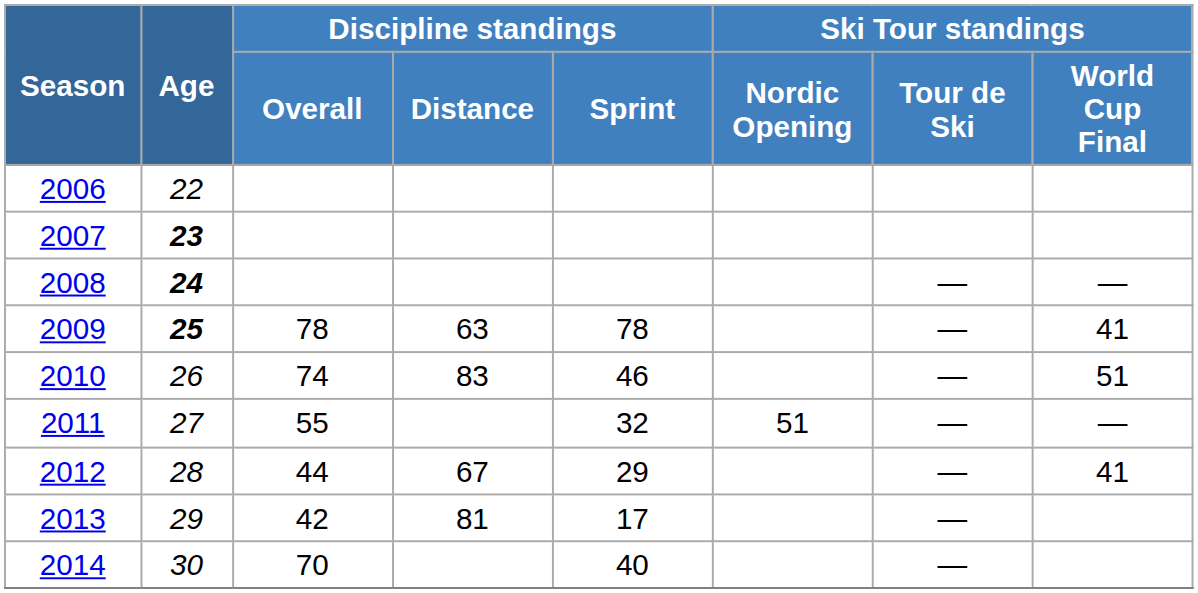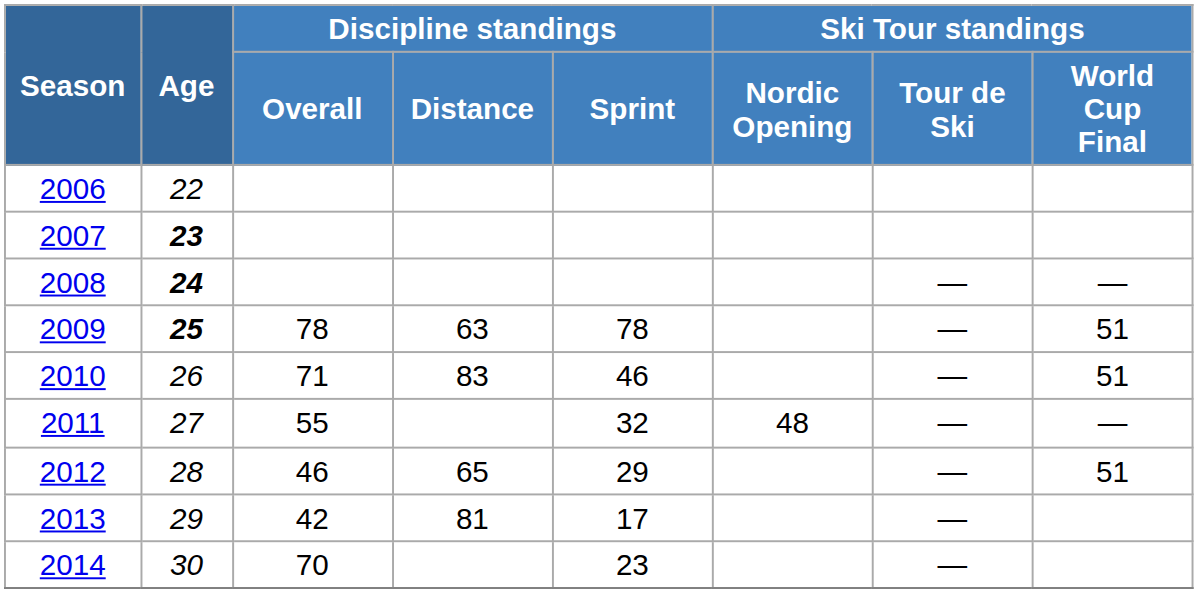 <table class="wikitable" style="font-size:95%; text-align:center; border:grey solid 1px; border-collapse:collapse; background:#ffffff;">
 <tr>
 <th style="background-color:#369; color:white; width:60px;" rowspan="2"> Season </th>
 <th style="background-color:#369; color:white; width:40px;" rowspan="2"> Age </th>
 <th style="background-color:#4180be; color:white;" colspan="3">Discipline standings</th>
 <th style="background-color:#4180be; color:white;" colspan="3">Ski Tour standings</th>
 </tr>
 <tr>
 <th style="background-color:#4180be; color:white; width:75px;">Overall</th>
 <th style="background-color:#4180be; color:white; width:75px;">Distance</th>
 <th style="background-color:#4180be; color:white; width:75px;">Sprint</th>
 <th style="background-color:#4180be; color:white; width:75px;">Nordic<br>Opening</th>
 <th style="background-color:#4180be; color:white; width:75px;">Tour de<br>Ski</th>
 <th style="background-color:#4180be; color:white; width:75px;">World Cup<br>Final</th>
 </tr>
 <tr>
 <td><a href='#'>2006</a></td>
 <td><em>22</em></td>
 <td></td>
 <td></td>
 <td></td>
 <td></td>
 <td></td>
 <td></td>
 </tr>
 <tr>
 <td><a href='#'>2007</a></td>
 <td><strong><em>23</em></strong></td>
 <td></td>
 <td></td>
 <td></td>
 <td></td>
 <td></td>
 <td></td>
 </tr>
 <tr>
 <td><a href='#'>2008</a></td>
 <td><strong><em>24</em></strong></td>
 <td></td>
 <td></td>
 <td></td>
 <td></td>
 <td>—</td>
 <td>—</td>
 </tr>
 <tr>
 <td><a href='#'>2009</a></td>
 <td><strong><em>25</em></strong></td>
 <td>78</td>
 <td>63</td>
 <td>78</td>
 <td></td>
 <td>—</td>
-<td>41</td>
+<td>51</td>
 </tr>
 <tr>
 <td><a href='#'>2010</a></td>
 <td><em>26</em></td>
-<td>74</td>
+<td>71</td>
 <td>83</td>
 <td>46</td>
 <td></td>
 <td>—</td>
 <td>51</td>
 </tr>
 <tr>
 <td><a href='#'>2011</a></td>
 <td><em>27</em></td>
 <td>55</td>
 <td></td>
 <td>32</td>
-<td>51</td>
+<td>48</td>
 <td>—</td>
 <td>—</td>
 </tr>
 <tr>
 <td><a href='#'>2012</a></td>
 <td><em>28</em></td>
-<td>44</td>
-<td>67</td>
+<td>46</td>
+<td>65</td>
 <td>29</td>
 <td></td>
 <td>—</td>
-<td>41</td>
+<td>51</td>
 </tr>
 <tr>
 <td><a href='#'>2013</a></td>
 <td><em>29</em></td>
 <td>42</td>
 <td>81</td>
 <td>17</td>
 <td></td>
 <td>—</td>
 <td></td>
 </tr>
 <tr>
 <td><a href='#'>2014</a></td>
 <td><em>30</em></td>
 <td>70</td>
 <td></td>
-<td>40</td>
+<td>23</td>
 <td></td>
 <td>—</td>
 <td></td>
 </tr>
 <tr>
 </tr>
 </table>
